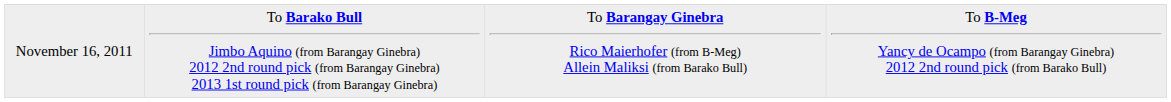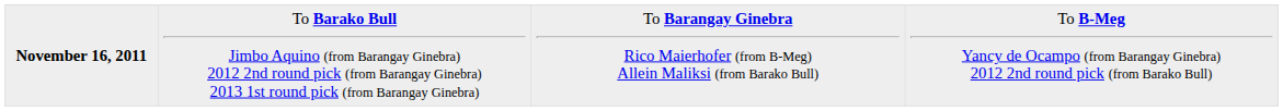 <table border=1 style="border-collapse:collapse; text-align: center; width: 100%" bordercolor="#DFDFDF"  cellpadding="5">
 <tr>
 </tr>
 <tr bgcolor="eeeeee">
-<td style="width:12%">November 16, 2011</td>
+<td style="width:12%"><strong>November 16, 2011</strong></td>
 <td style="width:29.3%" valign="top">To <strong><a href='#'>Barako Bull</a></strong><hr><a href='#'>Jimbo Aquino</a> <small>(from Barangay Ginebra)</small> <br> <a href='#'>2012 2nd round pick</a> <small>(from Barangay Ginebra)</small> <br> <a href='#'>2013 1st round pick</a> <small>(from Barangay Ginebra)</small></td>
 <td style="width:29.3%" valign="top">To <strong><a href='#'>Barangay Ginebra</a></strong><hr><a href='#'>Rico Maierhofer</a> <small>(from B-Meg)</small> <br> <a href='#'>Allein Maliksi</a> <small>(from Barako Bull)</small></td>
 <td style="width:29.3%" valign="top">To <strong><a href='#'>B-Meg</a></strong><hr><a href='#'>Yancy de Ocampo</a>  <small>(from Barangay Ginebra)</small> <br> <a href='#'>2012 2nd round pick</a> <small>(from Barako Bull)</small></td>
 </tr>
 </table>
